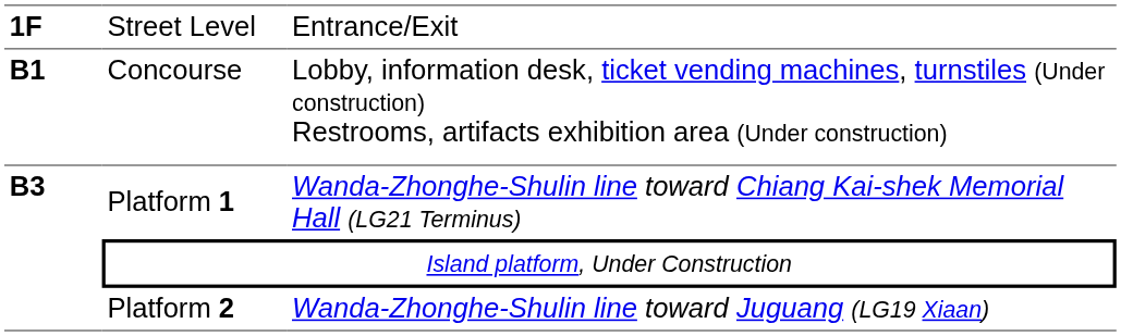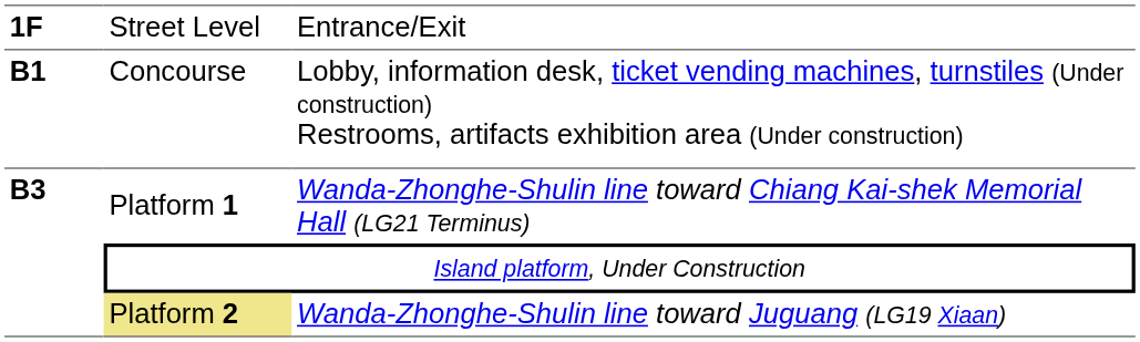 <table table border=0 cellspacing=0 cellpadding=3>
 <tr>
 <td style="border-bottom:solid 1px gray;border-top:solid 1px gray;" width=50 valign=top><strong>1F</strong></td>
 <td style="border-top:solid 1px gray;border-bottom:solid 1px gray;" width=100 valign=top>Street Level</td>
 <td style="border-top:solid 1px gray;border-bottom:solid 1px gray;" width=470 valign=top>Entrance/Exit</td>
 </tr>
 <tr>
 <td style="border-bottom:solid 1px gray;" rowspan=2 valign=top width=50><strong>B1</strong></td>
 <td style="border-bottom:solid 1px gray;" rowspan=2 valign=top width=100>Concourse</td>
 <td width=390>Lobby, information desk, <a href='#'>ticket vending machines</a>, <a href='#'>turnstiles</a> <small>(Under construction)</small><br>Restrooms, artifacts exhibition area <small>(Under construction)</small></td>
 </tr>
 <tr>
 <td style="border-bottom:solid 1px gray;"></td>
 </tr>
 <tr>
 <td style="border-bottom:solid 1px gray;" rowspan=3 valign=top><strong>B3</strong></td>
 <td>Platform <span><strong>1</strong></span></td>
 <td><em> <a href='#'>Wanda-Zhonghe-Shulin line</a> toward <a href='#'>Chiang Kai-shek Memorial Hall</a> <small>(LG21 Terminus)</small></em></td>
 </tr>
 <tr>
 <td style="border:solid 2px black; text-align:center;" colspan="2"><em><small><a href='#'>Island platform</a>, Under Construction</small></em></td>
 </tr>
 <tr>
-<td style="border-bottom:solid 1px gray;">Platform <span><strong>2</strong></span></td>
+<td style="background: khaki; border-bottom:solid 1px gray;">Platform <span><strong>2</strong></span></td>
 <td style="border-bottom:solid 1px gray;"><em> <a href='#'>Wanda-Zhonghe-Shulin line</a> toward <a href='#'>Juguang</a> <small>(LG19 <a href='#'>Xiaan</a>)</small></em></td>
 </tr>
 </table>
